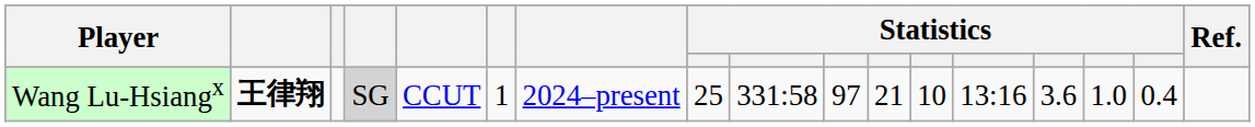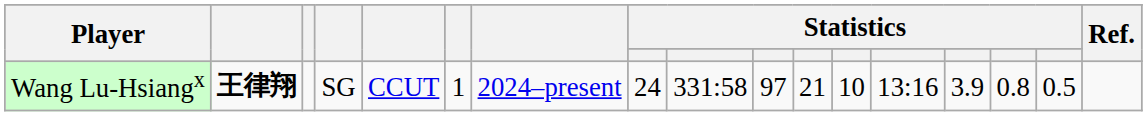 <table class="wikitable sortable" style="font-size:95%; text-align:right;">
 <tr>
 <th rowspan="2">Player</th>
 <th rowspan="2"></th>
 <th rowspan="2"></th>
 <th rowspan="2"></th>
 <th rowspan="2"></th>
 <th rowspan="2"></th>
 <th rowspan="2"></th>
 <th colspan="9">Statistics</th>
 <th rowspan="2">Ref.</th>
 </tr>
 <tr>
 <th></th>
 <th></th>
 <th></th>
 <th></th>
 <th></th>
 <th></th>
 <th></th>
 <th></th>
 <th></th>
 </tr>
 <tr>
 <td align="left" bgcolor="#CCFFCC">Wang Lu-Hsiang<sup>x</sup></td>
 <td align="left"><strong>王律翔</strong></td>
 <td align="center"></td>
-<td align="center" style="background: lightgrey;">SG</td>
+<td align="center">SG</td>
 <td align="left"><a href='#'>CCUT</a></td>
 <td align="center">1</td>
 <td align="center"><a href='#'>2024–present</a></td>
-<td>25</td>
+<td>24</td>
 <td>331:58</td>
 <td>97</td>
 <td>21</td>
 <td>10</td>
 <td>13:16</td>
-<td>3.6</td>
-<td>1.0</td>
-<td>0.4</td>
+<td>3.9</td>
+<td>0.8</td>
+<td>0.5</td>
 <td align="center"></td>
 </tr>
 </table>
